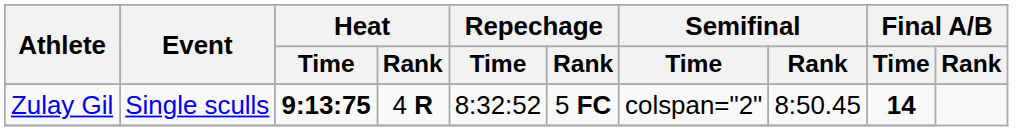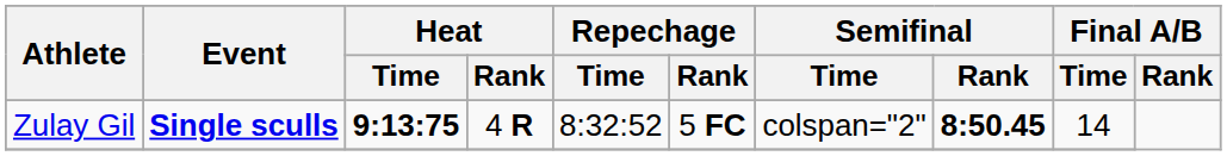 <table class=wikitable style=font-size:90%;text-align:center>
 <tr>
 <th rowspan=2>Athlete</th>
 <th rowspan=2>Event</th>
 <th colspan=2>Heat</th>
 <th colspan=2>Repechage</th>
 <th colspan=2>Semifinal</th>
 <th colspan=2>Final A/B</th>
 </tr>
 <tr style=font-size:95%>
 <th>Time</th>
 <th>Rank</th>
 <th>Time</th>
 <th>Rank</th>
 <th>Time</th>
 <th>Rank</th>
 <th>Time</th>
 <th>Rank</th>
 </tr>
 <tr>
 <td style="text-align:left"><a href='#'>Zulay Gil</a></td>
-<td style="text-align:left"><a href='#'>Single sculls</a></td>
+<td style="text-align:left"><strong><a href='#'>Single sculls</a></strong></td>
 <td><strong>9:13:75</strong></td>
 <td>4 <strong>R</strong></td>
 <td>8:32:52</td>
 <td>5 <strong>FC</strong></td>
 <td>colspan="2" </td>
-<td>8:50.45</td>
-<td><strong>14</strong></td>
+<td><strong>8:50.45</strong></td>
+<td>14</td>
 </tr>
 <tr>
 </tr>
 </table>
